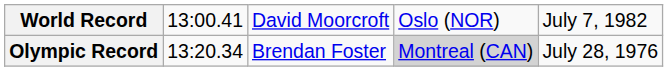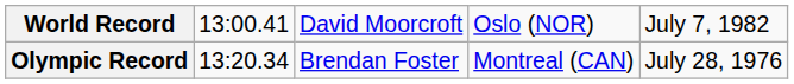 <table class="wikitable" style="font-size:95%;">
 <tr>
 <th>World Record</th>
 <td>13:00.41</td>
 <td> <a href='#'>David Moorcroft</a></td>
 <td><a href='#'>Oslo</a> (<a href='#'>NOR</a>)</td>
 <td>July 7, 1982</td>
 </tr>
 <tr>
 <th>Olympic Record</th>
 <td>13:20.34</td>
 <td> <a href='#'>Brendan Foster</a></td>
-<td style="background: lightgrey;"><a href='#'>Montreal</a> (<a href='#'>CAN</a>)</td>
+<td><a href='#'>Montreal</a> (<a href='#'>CAN</a>)</td>
 <td>July 28, 1976</td>
 </tr>
 </table>
